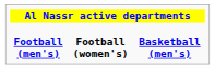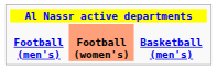 <table class="infobox" style="width: 20em; font-size: 95%em;">
 <tr style="color:blue; background:yellow; text-align:center;">
 <th colspan="3" style="text-align: center">Al Nassr active departments</th>
 </tr>
 <tr style="text-align: center">
 <td><br><strong><a href='#'>Football<br>(men's)</a></strong></td>
-<td><br><strong>Football<br>(women's)</strong></td>
+<td style="background: lightsalmon;"><br><strong>Football<br>(women's)</strong></td>
 <td><br><strong><a href='#'>Basketball<br>(men's)</a></strong></td>
 </tr>
 </table>
